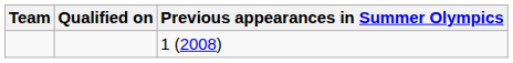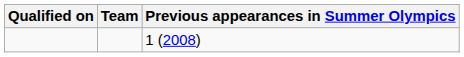 <table class="wikitable sortable">
 <tr>
+<th>Qualified on</th>
 <th>Team</th>
-<th>Qualified on</th>
 <th data-sort-type="number">Previous appearances in <a href='#'>Summer Olympics</a></th>
 </tr>
 <tr>
 <td></td>
 <td></td>
 <td>1 (<a href='#'>2008</a>)</td>
 </tr>
 </table>
